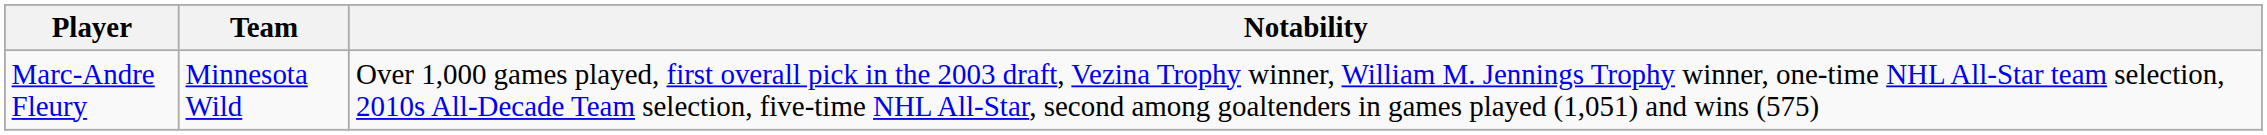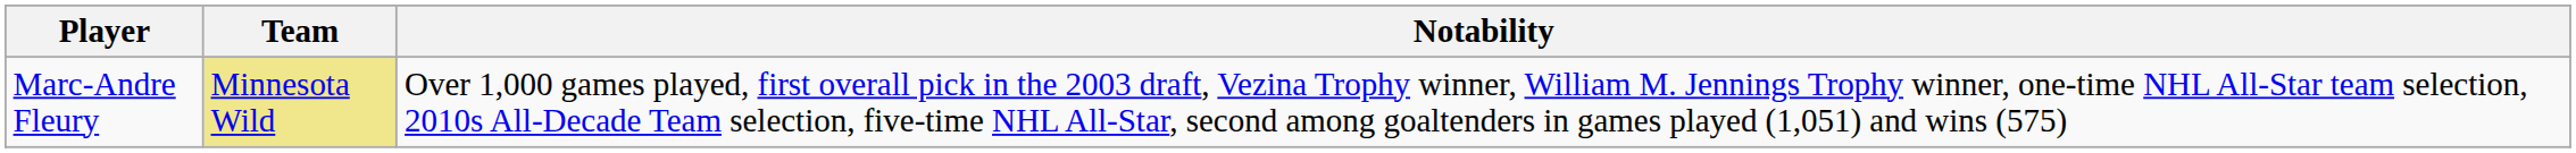 <table class="wikitable">
 <tr>
 <th>Player</th>
 <th>Team</th>
 <th>Notability</th>
 </tr>
 <tr>
 <td><a href='#'>Marc-Andre Fleury</a></td>
-<td><a href='#'>Minnesota Wild</a></td>
+<td style="background: khaki;"><a href='#'>Minnesota Wild</a></td>
 <td>Over 1,000 games played, <a href='#'>first overall pick in the 2003 draft</a>, <a href='#'>Vezina Trophy</a> winner, <a href='#'>William M. Jennings Trophy</a> winner, one-time <a href='#'>NHL All-Star team</a> selection, <a href='#'>2010s All-Decade Team</a> selection, five-time <a href='#'>NHL All-Star</a>, second among goaltenders in games played (1,051) and wins (575)</td>
 </tr>
 </table>
